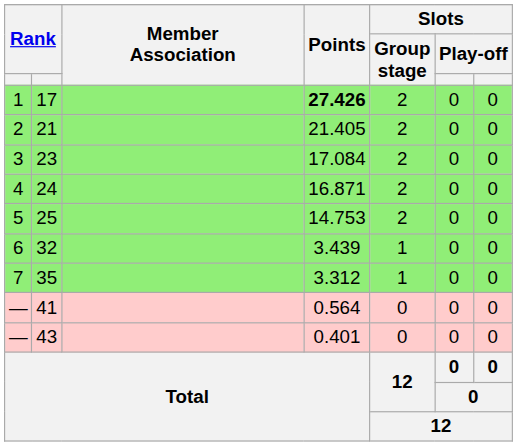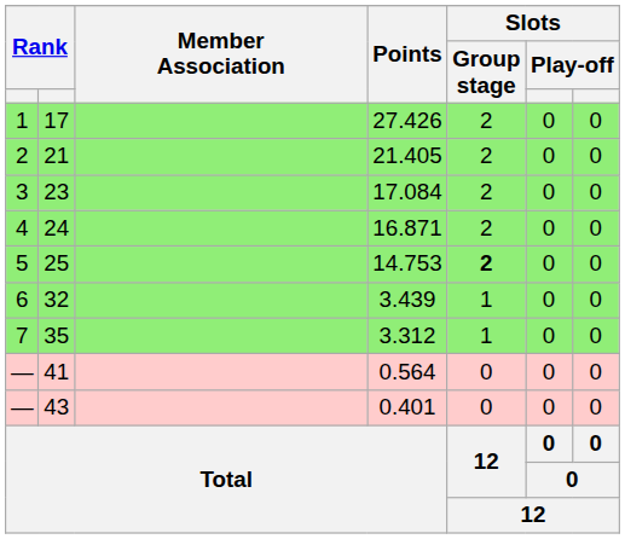 <table class="wikitable" style="text-align:center">
 <tr>
 </tr>
 <tr>
 <th colspan=2 rowspan=2><a href='#'>Rank</a></th>
 <th rowspan=3 width=200>Member<br>Association</th>
 <th rowspan=3>Points</th>
 <th colspan=4>Slots</th>
 </tr>
 <tr>
 <th rowspan=2>Group<br>stage</th>
 <th colspan=3>Play-off</th>
 </tr>
 <tr>
 <th></th>
 <th></th>
 <th></th>
 <th></th>
 </tr>
 <tr bgcolor=#90ee77>
 <td>1</td>
 <td>17</td>
 <td align=left></td>
-<td><strong>27.426</strong></td>
+<td>27.426</td>
 <td>2</td>
 <td>0</td>
 <td>0</td>
 </tr>
 <tr bgcolor=#90ee77>
 <td>2</td>
 <td>21</td>
 <td align=left></td>
 <td>21.405</td>
 <td>2</td>
 <td>0</td>
 <td>0</td>
 </tr>
 <tr bgcolor=#90ee77>
 <td>3</td>
 <td>23</td>
 <td align=left></td>
 <td>17.084</td>
 <td>2</td>
 <td>0</td>
 <td>0</td>
 </tr>
 <tr bgcolor=#90ee77>
 <td>4</td>
 <td>24</td>
 <td align=left></td>
 <td>16.871</td>
 <td>2</td>
 <td>0</td>
 <td>0</td>
 </tr>
 <tr bgcolor=#90ee77>
 <td>5</td>
 <td>25</td>
 <td align=left></td>
 <td>14.753</td>
-<td>2</td>
+<td><strong>2</strong></td>
 <td>0</td>
 <td>0</td>
 </tr>
 <tr bgcolor=#90ee77>
 <td>6</td>
 <td>32</td>
 <td align=left></td>
 <td>3.439</td>
 <td>1</td>
 <td>0</td>
 <td>0</td>
 </tr>
 <tr bgcolor=#90ee77>
 <td>7</td>
 <td>35</td>
 <td align=left></td>
 <td>3.312</td>
 <td>1</td>
 <td>0</td>
 <td>0</td>
 </tr>
 <tr bgcolor=#ffcccc>
 <td>—</td>
 <td>41</td>
 <td align=left></td>
 <td>0.564</td>
 <td>0</td>
 <td>0</td>
 <td>0</td>
 </tr>
 <tr bgcolor=#ffcccc>
 <td>—</td>
 <td>43</td>
 <td align=left></td>
 <td>0.401</td>
 <td>0</td>
 <td>0</td>
 <td>0</td>
 </tr>
 <tr>
 <th colspan=4 rowspan=3>Total</th>
 <th rowspan=2>12</th>
 <th>0</th>
 <th>0</th>
 </tr>
 <tr>
 <th colspan=3>0</th>
 </tr>
 <tr>
 <th colspan=4>12</th>
 </tr>
 </table>
